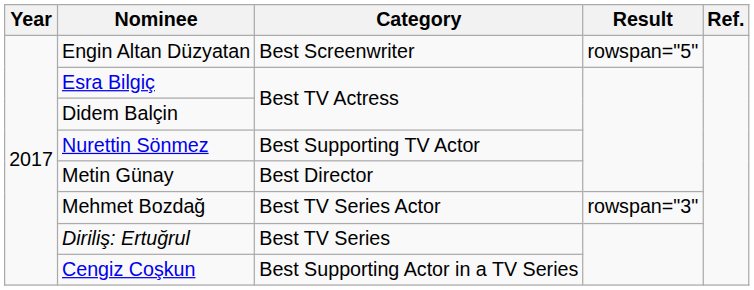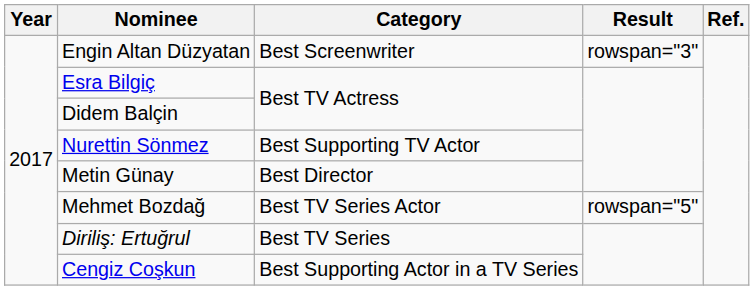 <table class="wikitable">
 <tr>
 <th>Year</th>
 <th>Nominee</th>
 <th>Category</th>
 <th>Result</th>
 <th>Ref.</th>
 </tr>
 <tr>
 <td rowspan="8">2017</td>
 <td>Engin Altan Düzyatan</td>
 <td>Best Screenwriter</td>
-<td>rowspan="5" </td>
+<td>rowspan="3" </td>
 <td rowspan="8" style="text-align: center;"></td>
 </tr>
 <tr>
 <td><a href='#'>Esra Bilgiç</a></td>
 <td rowspan="2">Best TV Actress</td>
 </tr>
 <tr>
 <td>Didem Balçin</td>
 </tr>
 <tr>
 <td><a href='#'>Nurettin Sönmez</a></td>
 <td>Best Supporting TV Actor</td>
 </tr>
 <tr>
 <td>Metin Günay</td>
 <td>Best Director</td>
 </tr>
 <tr>
 <td>Mehmet Bozdağ</td>
 <td>Best TV Series Actor</td>
-<td>rowspan="3" </td>
+<td>rowspan="5" </td>
 </tr>
 <tr>
 <td><em>Diriliş: Ertuğrul</em></td>
 <td>Best TV Series</td>
 </tr>
 <tr>
 <td><a href='#'>Cengiz Coşkun</a></td>
 <td>Best Supporting Actor in a TV Series</td>
 </tr>
 </table>
